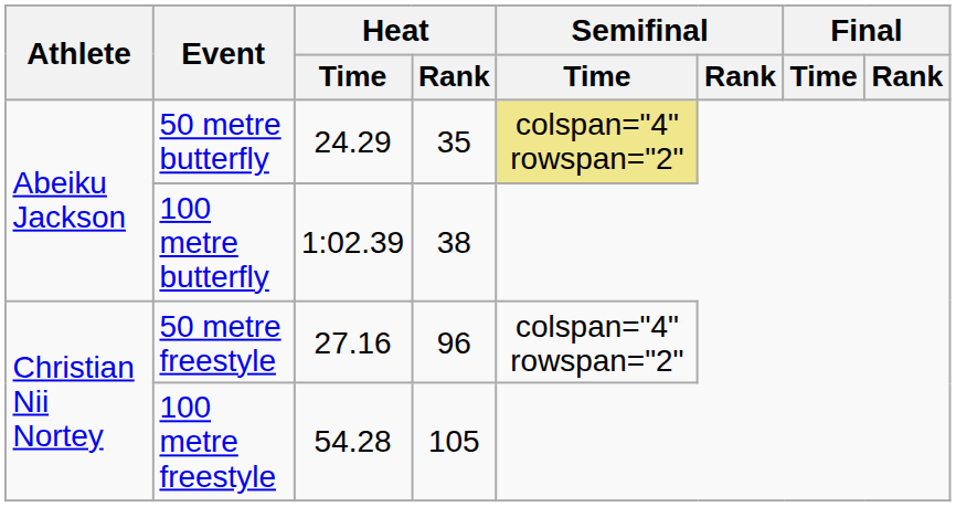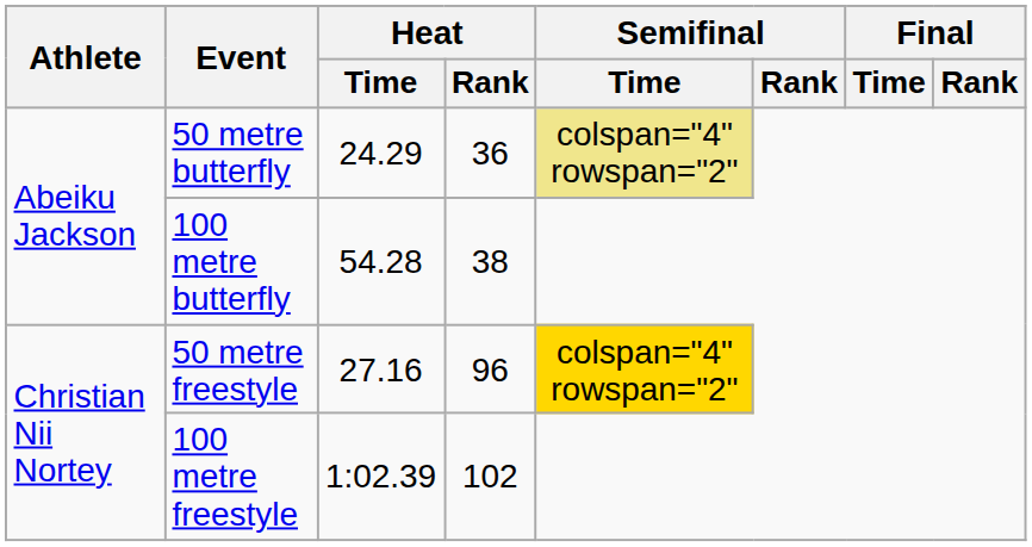 <table class="wikitable" style="text-align:center; font-size:90%; width:50%;">
 <tr>
 <th rowspan="2">Athlete</th>
 <th rowspan="2">Event</th>
 <th colspan="2">Heat</th>
 <th colspan="2">Semifinal</th>
 <th colspan="2">Final</th>
 </tr>
 <tr style="font-size:95%">
 <th>Time</th>
 <th>Rank</th>
 <th>Time</th>
 <th>Rank</th>
 <th>Time</th>
 <th>Rank</th>
 </tr>
 <tr align=center>
 <td align=left rowspan="2"><a href='#'>Abeiku Jackson</a></td>
 <td align=left><a href='#'>50 metre butterfly</a></td>
 <td>24.29</td>
-<td>35</td>
+<td>36</td>
 <td style="background: khaki;">colspan="4" rowspan="2" </td>
 </tr>
 <tr align=center>
 <td align=left><a href='#'>100 metre butterfly</a></td>
-<td>1:02.39</td>
+<td>54.28</td>
 <td>38</td>
 </tr>
 <tr align=center>
 <td align=left rowspan="2"><a href='#'>Christian Nii Nortey</a></td>
 <td align=left><a href='#'>50 metre freestyle</a></td>
 <td>27.16</td>
 <td>96</td>
-<td>colspan="4" rowspan="2" </td>
+<td style="background: gold;">colspan="4" rowspan="2" </td>
 </tr>
 <tr align=center>
 <td align=left><a href='#'>100 metre freestyle</a></td>
-<td>54.28</td>
-<td>105</td>
+<td>1:02.39</td>
+<td>102</td>
 </tr>
 </table>
